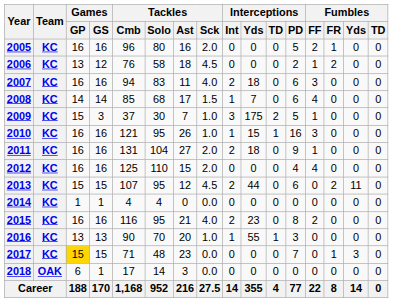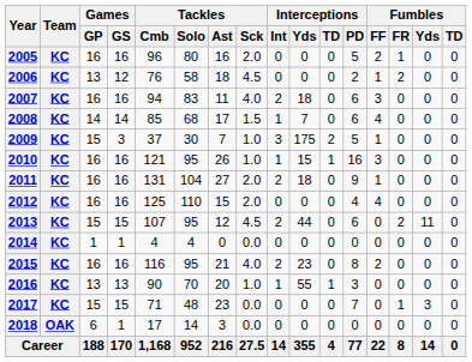 <table class="wikitable" style="text-align: center;">
 <tr>
 <th rowspan="2">Year</th>
 <th rowspan="2">Team</th>
 <th colspan="2">Games</th>
 <th colspan="4">Tackles</th>
 <th colspan="4">Interceptions</th>
 <th colspan="4">Fumbles</th>
 </tr>
 <tr>
 <th>GP</th>
 <th>GS</th>
 <th>Cmb</th>
 <th>Solo</th>
 <th>Ast</th>
 <th>Sck</th>
 <th>Int</th>
 <th>Yds</th>
 <th>TD</th>
 <th>PD</th>
 <th>FF</th>
 <th>FR</th>
 <th>Yds</th>
 <th>TD</th>
 </tr>
 <tr>
 <th><a href='#'>2005</a></th>
 <th><a href='#'>KC</a></th>
 <td>16</td>
 <td>16</td>
 <td>96</td>
 <td>80</td>
 <td>16</td>
 <td>2.0</td>
 <td>0</td>
 <td>0</td>
 <td>0</td>
 <td>5</td>
 <td>2</td>
 <td>1</td>
 <td>0</td>
 <td>0</td>
 </tr>
 <tr>
 <th><a href='#'>2006</a></th>
 <th><a href='#'>KC</a></th>
 <td>13</td>
 <td>12</td>
 <td>76</td>
 <td>58</td>
 <td>18</td>
 <td>4.5</td>
 <td>0</td>
 <td>0</td>
 <td>0</td>
 <td>2</td>
 <td>1</td>
 <td>2</td>
 <td>0</td>
 <td>0</td>
 </tr>
 <tr>
 <th><a href='#'>2007</a></th>
 <th><a href='#'>KC</a></th>
 <td>16</td>
 <td>16</td>
 <td>94</td>
 <td>83</td>
 <td>11</td>
 <td>4.0</td>
 <td>2</td>
 <td>18</td>
 <td>0</td>
 <td>6</td>
 <td>3</td>
 <td>0</td>
 <td>0</td>
 <td>0</td>
 </tr>
 <tr>
 <th><a href='#'>2008</a></th>
 <th><a href='#'>KC</a></th>
 <td>14</td>
 <td>14</td>
 <td>85</td>
 <td>68</td>
 <td>17</td>
 <td>1.5</td>
 <td>1</td>
 <td>7</td>
 <td>0</td>
 <td>6</td>
 <td>4</td>
 <td>0</td>
 <td>0</td>
 <td>0</td>
 </tr>
 <tr>
 <th><a href='#'>2009</a></th>
 <th><a href='#'>KC</a></th>
 <td>15</td>
 <td>3</td>
 <td>37</td>
 <td>30</td>
 <td>7</td>
 <td>1.0</td>
 <td>3</td>
 <td>175</td>
 <td>2</td>
 <td>5</td>
 <td>1</td>
 <td>0</td>
 <td>0</td>
 <td>0</td>
 </tr>
 <tr>
 <th><a href='#'>2010</a></th>
 <th><a href='#'>KC</a></th>
 <td>16</td>
 <td>16</td>
 <td>121</td>
 <td>95</td>
 <td>26</td>
 <td>1.0</td>
 <td>1</td>
 <td>15</td>
 <td>1</td>
 <td>16</td>
 <td>3</td>
 <td>0</td>
 <td>0</td>
 <td>0</td>
 </tr>
 <tr>
 <th><a href='#'>2011</a></th>
 <th><a href='#'>KC</a></th>
 <td>16</td>
 <td>16</td>
 <td>131</td>
 <td>104</td>
 <td>27</td>
 <td>2.0</td>
 <td>2</td>
 <td>18</td>
 <td>0</td>
 <td>9</td>
 <td>1</td>
 <td>0</td>
 <td>0</td>
 <td>0</td>
 </tr>
 <tr>
 <th><a href='#'>2012</a></th>
 <th><a href='#'>KC</a></th>
 <td>16</td>
 <td>16</td>
 <td>125</td>
 <td>110</td>
 <td>15</td>
 <td>2.0</td>
 <td>0</td>
 <td>0</td>
 <td>0</td>
 <td>4</td>
 <td>4</td>
 <td>0</td>
 <td>0</td>
 <td>0</td>
 </tr>
 <tr>
 <th><a href='#'>2013</a></th>
 <th><a href='#'>KC</a></th>
 <td>15</td>
 <td>15</td>
 <td>107</td>
 <td>95</td>
 <td>12</td>
 <td>4.5</td>
 <td>2</td>
 <td>44</td>
 <td>0</td>
 <td>6</td>
 <td>0</td>
 <td>2</td>
 <td>11</td>
 <td>0</td>
 </tr>
 <tr>
 <th><a href='#'>2014</a></th>
 <th><a href='#'>KC</a></th>
 <td>1</td>
 <td>1</td>
 <td>4</td>
 <td>4</td>
 <td>0</td>
 <td>0.0</td>
 <td>0</td>
 <td>0</td>
 <td>0</td>
 <td>0</td>
 <td>0</td>
 <td>0</td>
 <td>0</td>
 <td>0</td>
 </tr>
 <tr>
 <th><a href='#'>2015</a></th>
 <th><a href='#'>KC</a></th>
 <td>16</td>
 <td>16</td>
 <td>116</td>
 <td>95</td>
 <td>21</td>
 <td>4.0</td>
 <td>2</td>
 <td>23</td>
 <td>0</td>
 <td>8</td>
 <td>2</td>
 <td>0</td>
 <td>0</td>
 <td>0</td>
 </tr>
 <tr>
 <th><a href='#'>2016</a></th>
 <th><a href='#'>KC</a></th>
 <td>13</td>
 <td>13</td>
 <td>90</td>
 <td>70</td>
 <td>20</td>
 <td>1.0</td>
 <td>1</td>
 <td>55</td>
 <td>1</td>
 <td>3</td>
 <td>0</td>
 <td>0</td>
 <td>0</td>
 <td>0</td>
 </tr>
 <tr>
 <th><a href='#'>2017</a></th>
 <th><a href='#'>KC</a></th>
-<td style="background: gold;">15</td>
+<td>15</td>
 <td>15</td>
 <td>71</td>
 <td>48</td>
 <td>23</td>
 <td>0.0</td>
 <td>0</td>
 <td>0</td>
 <td>0</td>
 <td>7</td>
 <td>0</td>
 <td>1</td>
 <td>3</td>
 <td>0</td>
 </tr>
 <tr>
 <th><a href='#'>2018</a></th>
 <th><a href='#'>OAK</a></th>
 <td>6</td>
 <td>1</td>
 <td>17</td>
 <td>14</td>
 <td>3</td>
 <td>0.0</td>
 <td>0</td>
 <td>0</td>
 <td>0</td>
 <td>0</td>
 <td>0</td>
 <td>0</td>
 <td>0</td>
 <td>0</td>
 </tr>
 <tr>
 <th colspan="2">Career</th>
 <th>188</th>
 <th>170</th>
 <th>1,168</th>
 <th>952</th>
 <th>216</th>
 <th>27.5</th>
 <th>14</th>
 <th>355</th>
 <th>4</th>
 <th>77</th>
 <th>22</th>
 <th>8</th>
 <th>14</th>
 <th>0</th>
 </tr>
 </table>
